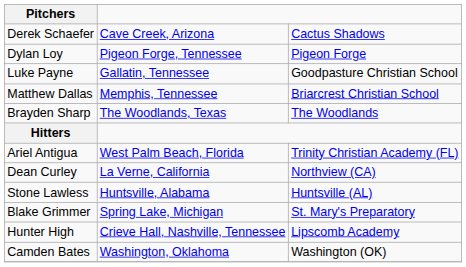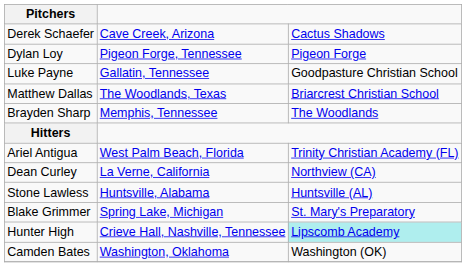 <table class="wikitable">
 <tr>
 <th>Pitchers</th>
 </tr>
 <tr>
 <td>Derek Schaefer</td>
 <td><a href='#'>Cave Creek, Arizona</a></td>
 <td><a href='#'>Cactus Shadows</a></td>
 </tr>
 <tr>
 <td>Dylan Loy</td>
 <td><a href='#'>Pigeon Forge, Tennessee</a></td>
 <td><a href='#'>Pigeon Forge</a></td>
 </tr>
 <tr>
 <td>Luke Payne</td>
 <td><a href='#'>Gallatin, Tennessee</a></td>
 <td>Goodpasture Christian School</td>
 </tr>
 <tr>
 <td>Matthew Dallas</td>
-<td><a href='#'>Memphis, Tennessee</a></td>
+<td><a href='#'>The Woodlands, Texas</a></td>
 <td><a href='#'>Briarcrest Christian School</a></td>
 </tr>
 <tr>
 <td>Brayden Sharp</td>
-<td><a href='#'>The Woodlands, Texas</a></td>
+<td><a href='#'>Memphis, Tennessee</a></td>
 <td><a href='#'>The Woodlands</a></td>
 </tr>
 <tr>
 <th>Hitters</th>
 </tr>
 <tr>
 <td>Ariel Antigua</td>
 <td><a href='#'>West Palm Beach, Florida</a></td>
 <td><a href='#'>Trinity Christian Academy (FL)</a></td>
 </tr>
 <tr>
 <td>Dean Curley</td>
 <td><a href='#'>La Verne, California</a></td>
 <td><a href='#'>Northview (CA)</a></td>
 </tr>
 <tr>
 <td>Stone Lawless</td>
 <td><a href='#'>Huntsville, Alabama</a></td>
 <td><a href='#'>Huntsville (AL)</a></td>
 </tr>
 <tr>
 <td>Blake Grimmer</td>
 <td><a href='#'>Spring Lake, Michigan</a></td>
 <td><a href='#'>St. Mary's Preparatory</a></td>
 </tr>
 <tr>
 <td>Hunter High</td>
 <td><a href='#'>Crieve Hall, Nashville, Tennessee</a></td>
-<td><a href='#'>Lipscomb Academy</a></td>
+<td style="background: paleturquoise;"><a href='#'>Lipscomb Academy</a></td>
 </tr>
 <tr>
 <td>Camden Bates</td>
 <td><a href='#'>Washington, Oklahoma</a></td>
 <td>Washington (OK)</td>
 </tr>
 <tr>
 </tr>
 </table>
